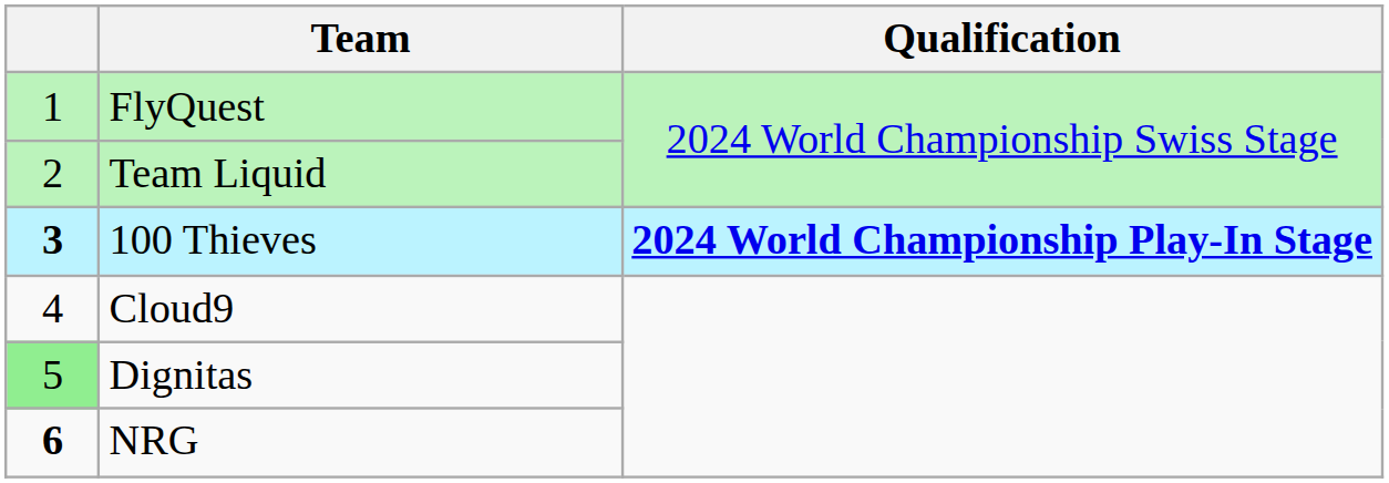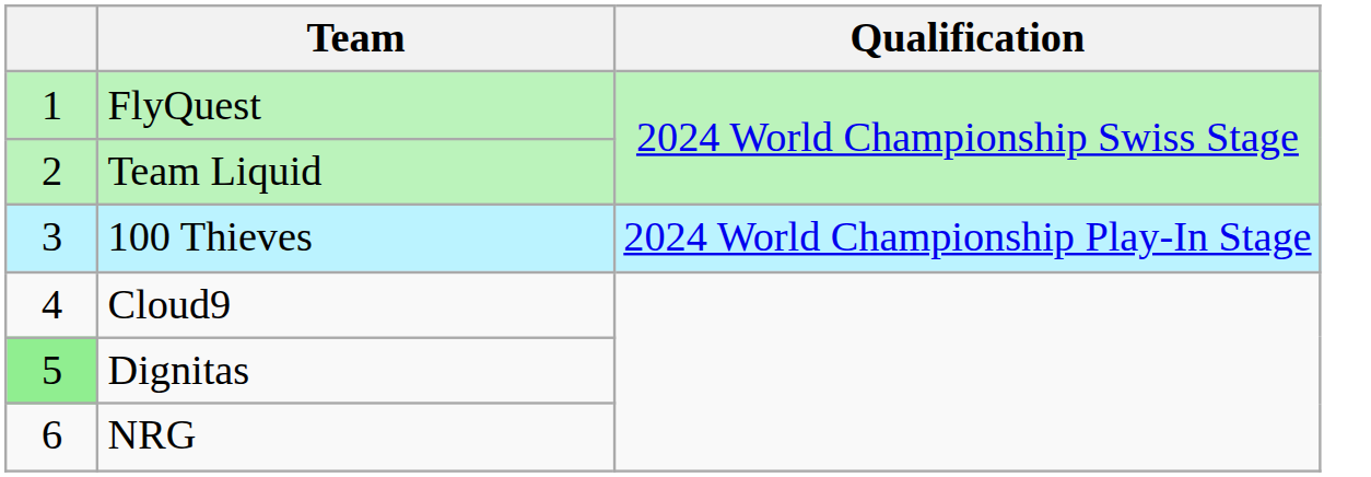 <table class="wikitable" style="text-align:center">
 <tr>
 <th width=28></th>
 <th width=190>Team</th>
 <th>Qualification</th>
 </tr>
 <tr style="background-color:#BBF3BB;">
 <td>1</td>
 <td style="text-align:left">FlyQuest</td>
 <td rowspan="2"><a href='#'>2024 World Championship Swiss Stage</a></td>
 </tr>
 <tr style="background-color:#BBF3BB;">
 <td>2</td>
 <td style="text-align:left">Team Liquid</td>
 </tr>
 <tr style="background-color:#BBF3FF;">
-<td><strong>3</strong></td>
+<td>3</td>
 <td style="text-align:left">100 Thieves</td>
-<td><strong><a href='#'>2024 World Championship Play-In Stage</a></strong></td>
+<td><a href='#'>2024 World Championship Play-In Stage</a></td>
 </tr>
 <tr>
 <td>4</td>
 <td style="text-align:left">Cloud9</td>
 <td rowspan="3"></td>
 </tr>
 <tr>
 <td style="background: lightgreen;">5</td>
 <td style="text-align:left">Dignitas</td>
 </tr>
 <tr>
-<td><strong>6</strong></td>
+<td>6</td>
 <td style="text-align:left">NRG</td>
 </tr>
 </table>
